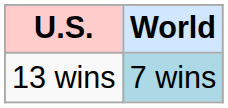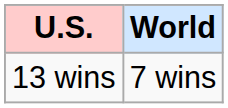 <table class="wikitable" style="text-align: center;">
 <tr>
 <td bgcolor=#ffcccc><strong>U.S.</strong></td>
 <td bgcolor=#d0e7ff><strong>World</strong></td>
 </tr>
 <tr>
 <td>13 wins</td>
-<td style="background: lightblue;">7 wins</td>
+<td>7 wins</td>
 </tr>
 </table>
